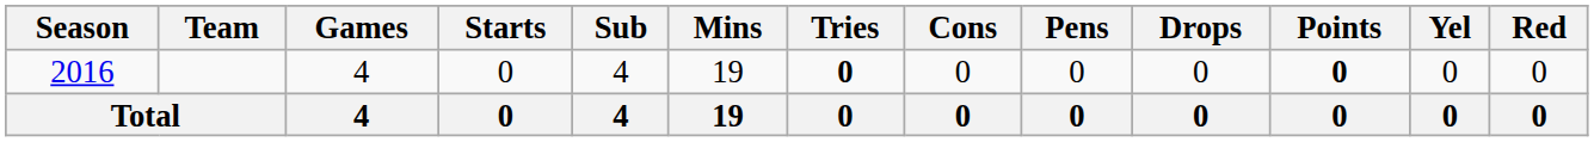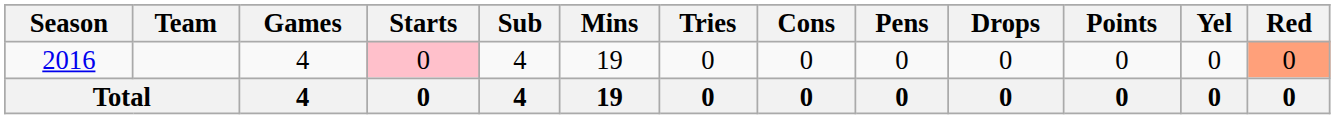 <table class="wikitable" style="text-align:center; line-height:90%; font-size:95%; width:60%;">
 <tr>
 <th>Season</th>
 <th>Team</th>
 <th>Games</th>
 <th>Starts</th>
 <th>Sub</th>
 <th>Mins</th>
 <th>Tries</th>
 <th>Cons</th>
 <th>Pens</th>
 <th>Drops</th>
 <th>Points</th>
 <th>Yel</th>
 <th>Red</th>
 </tr>
 <tr>
 <td><a href='#'>2016</a></td>
 <td></td>
 <td>4</td>
-<td>0</td>
+<td style="background: pink;">0</td>
 <td>4</td>
 <td>19</td>
-<td><strong>0</strong></td>
 <td>0</td>
 <td>0</td>
 <td>0</td>
-<td><strong>0</strong></td>
 <td>0</td>
 <td>0</td>
+<td>0</td>
+<td style="background: lightsalmon;">0</td>
 </tr>
 <tr>
 <th colspan="2">Total</th>
 <th>4</th>
 <th>0</th>
 <th>4</th>
 <th>19</th>
 <th>0</th>
 <th>0</th>
 <th>0</th>
 <th>0</th>
 <th>0</th>
 <th>0</th>
 <th>0</th>
 </tr>
 </table>
